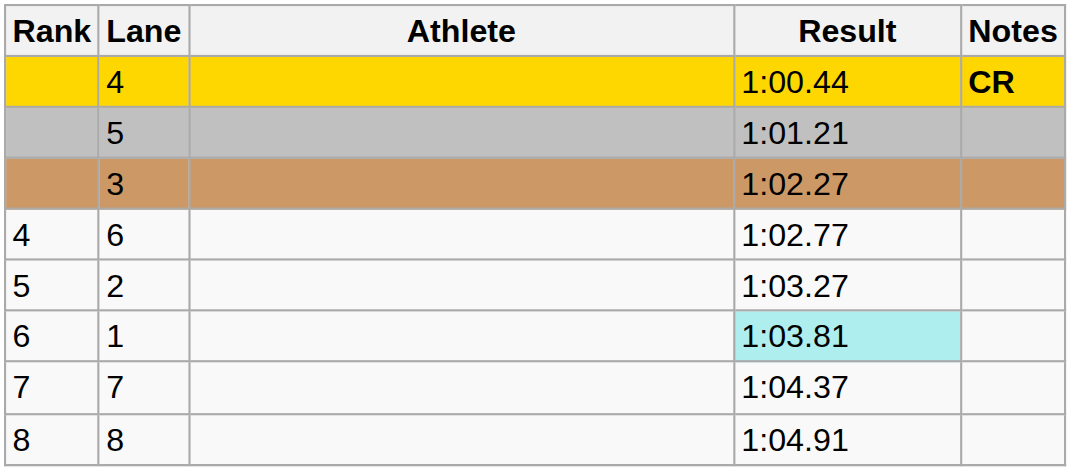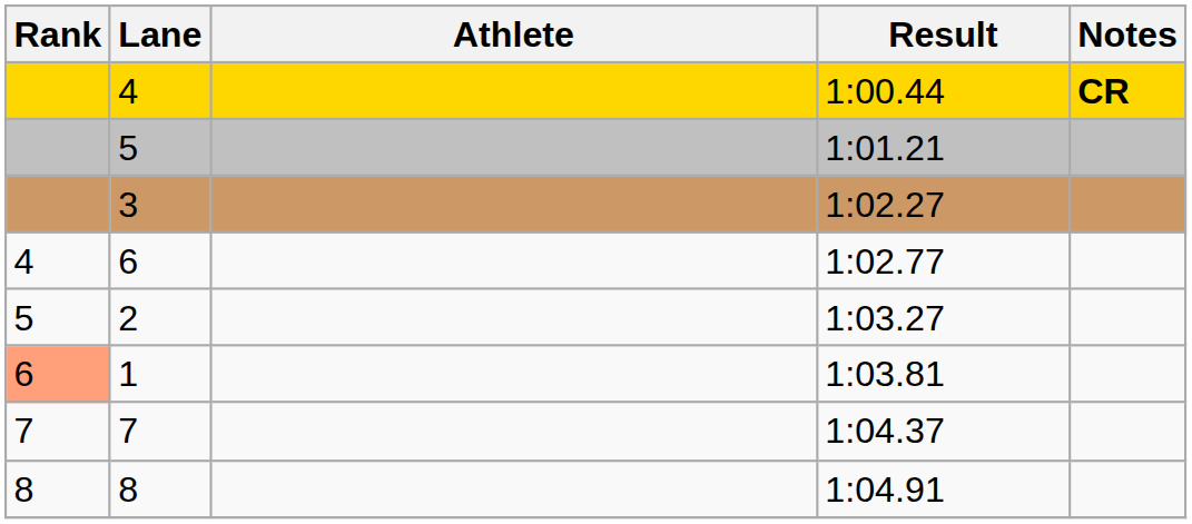 <table class="wikitable" style="font-size:95%" style="width:35em;" style="text-align:center">
 <tr>
 <th>Rank</th>
 <th>Lane</th>
 <th width=250>Athlete</th>
 <th width=100>Result</th>
 <th>Notes</th>
 </tr>
 <tr bgcolor=gold>
 <td></td>
 <td>4</td>
 <td align=left></td>
 <td>1:00.44</td>
 <td><strong>CR</strong></td>
 </tr>
 <tr bgcolor=silver>
 <td></td>
 <td>5</td>
 <td align=left></td>
 <td>1:01.21</td>
 <td></td>
 </tr>
 <tr bgcolor=cc9966>
 <td></td>
 <td>3</td>
 <td align=left></td>
 <td>1:02.27</td>
 <td></td>
 </tr>
 <tr>
 <td>4</td>
 <td>6</td>
 <td align=left></td>
 <td>1:02.77</td>
 <td></td>
 </tr>
 <tr>
 <td>5</td>
 <td>2</td>
 <td align=left></td>
 <td>1:03.27</td>
 <td></td>
 </tr>
 <tr>
-<td>6</td>
+<td style="background: lightsalmon;">6</td>
 <td>1</td>
 <td align=left></td>
-<td style="background: paleturquoise;">1:03.81</td>
+<td>1:03.81</td>
 <td></td>
 </tr>
 <tr>
 <td>7</td>
 <td>7</td>
 <td align=left></td>
 <td>1:04.37</td>
 <td></td>
 </tr>
 <tr>
 <td>8</td>
 <td>8</td>
 <td align=left></td>
 <td>1:04.91</td>
 <td></td>
 </tr>
 <tr>
 </tr>
 </table>
